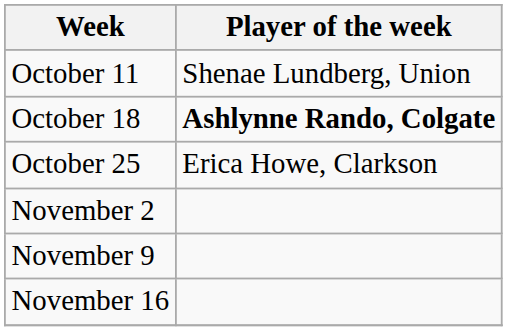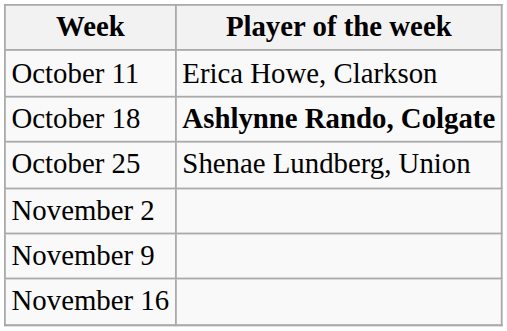 <table class="wikitable">
 <tr>
 <th>Week</th>
 <th>Player of the week</th>
 </tr>
 <tr>
 <td>October 11</td>
-<td>Shenae Lundberg, Union</td>
+<td>Erica Howe, Clarkson</td>
 </tr>
 <tr>
 <td>October 18</td>
 <td><strong>Ashlynne Rando, Colgate</strong></td>
 </tr>
 <tr>
 <td>October 25</td>
-<td>Erica Howe, Clarkson</td>
+<td>Shenae Lundberg, Union</td>
 </tr>
 <tr>
 <td>November 2</td>
 <td></td>
 </tr>
 <tr>
 <td>November 9</td>
 <td></td>
 </tr>
 <tr>
 <td>November 16</td>
 <td></td>
 </tr>
 <tr>
 </tr>
 </table>
